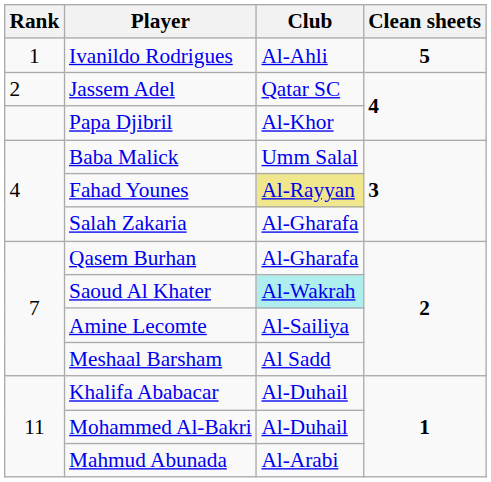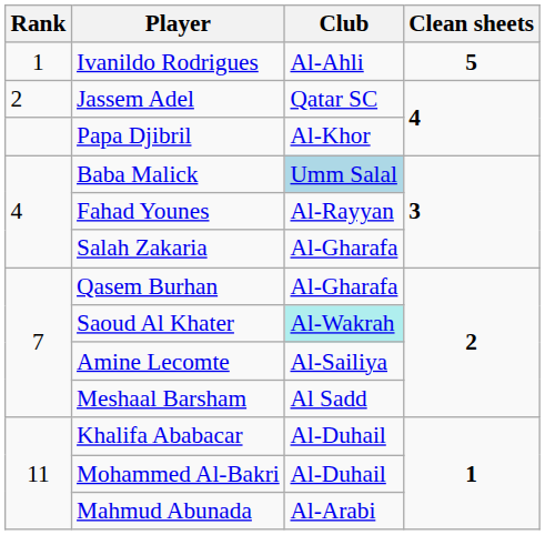 <table class="wikitable">
 <tr>
 <th>Rank</th>
 <th>Player</th>
 <th>Club</th>
 <th>Clean sheets</th>
 </tr>
 <tr>
 <td align="center">1</td>
 <td> <a href='#'>Ivanildo Rodrigues</a></td>
 <td><a href='#'>Al-Ahli</a></td>
 <td align="center"><strong>5</strong></td>
 </tr>
 <tr>
 <td>2</td>
 <td>  <a href='#'>Jassem Adel</a></td>
 <td><a href='#'>Qatar SC</a></td>
 <td rowspan="2"><strong>4</strong></td>
 </tr>
 <tr>
 <td align="center"></td>
 <td> <a href='#'>Papa Djibril</a></td>
 <td><a href='#'>Al-Khor</a></td>
 </tr>
 <tr>
 <td rowspan="3">4</td>
 <td> <a href='#'>Baba Malick</a></td>
-<td><a href='#'>Umm Salal</a></td>
+<td style="background: lightblue;"><a href='#'>Umm Salal</a></td>
 <td rowspan="3"><strong>3</strong></td>
 </tr>
 <tr>
 <td>  <a href='#'>Fahad Younes</a></td>
-<td style="background: khaki;"><a href='#'>Al-Rayyan</a></td>
+<td><a href='#'>Al-Rayyan</a></td>
 </tr>
 <tr>
 <td> <a href='#'>Salah Zakaria</a></td>
 <td><a href='#'>Al-Gharafa</a></td>
 </tr>
 <tr>
 <td rowspan="4" align="center">7</td>
 <td> <a href='#'>Qasem Burhan</a></td>
 <td><a href='#'>Al-Gharafa</a></td>
 <td rowspan="4" align="center"><strong>2</strong></td>
 </tr>
 <tr>
 <td>  <a href='#'>Saoud Al Khater</a></td>
 <td style="background: paleturquoise;"><a href='#'>Al-Wakrah</a></td>
 </tr>
 <tr>
 <td>  <a href='#'>Amine Lecomte</a></td>
 <td><a href='#'>Al-Sailiya</a></td>
 </tr>
 <tr>
 <td> <a href='#'>Meshaal Barsham</a></td>
 <td><a href='#'>Al Sadd</a></td>
 </tr>
 <tr>
 <td rowspan="3" align="center">11</td>
 <td> <a href='#'>Khalifa Ababacar</a></td>
 <td><a href='#'>Al-Duhail</a></td>
 <td rowspan="3" align="center"><strong>1</strong></td>
 </tr>
 <tr>
 <td>  <a href='#'>Mohammed Al-Bakri</a></td>
 <td><a href='#'>Al-Duhail</a></td>
 </tr>
 <tr>
 <td> <a href='#'>Mahmud Abunada</a></td>
 <td><a href='#'>Al-Arabi</a></td>
 </tr>
 </table>
